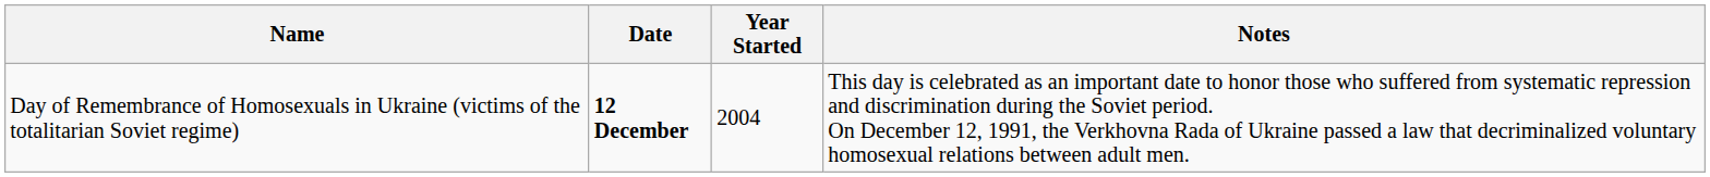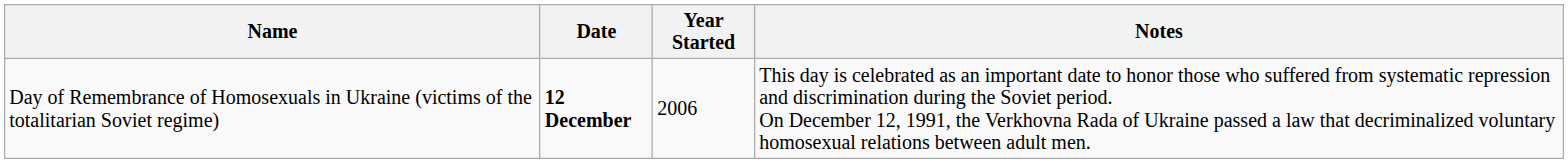 <table class="wikitable sortable">
 <tr>
 <th>Name</th>
 <th>Date</th>
 <th>Year Started</th>
 <th>Notes</th>
 </tr>
 <tr>
 <td>Day of Remembrance of Homosexuals in Ukraine (victims of the totalitarian Soviet regime)</td>
 <td><strong>12 December</strong></td>
-<td>2004</td>
+<td>2006</td>
 <td>This day is celebrated as an important date to honor those who suffered from systematic repression and discrimination during the Soviet period. <br>On December 12, 1991, the Verkhovna Rada of Ukraine passed a law that decriminalized voluntary homosexual relations between adult men.</td>
 </tr>
 </table>
